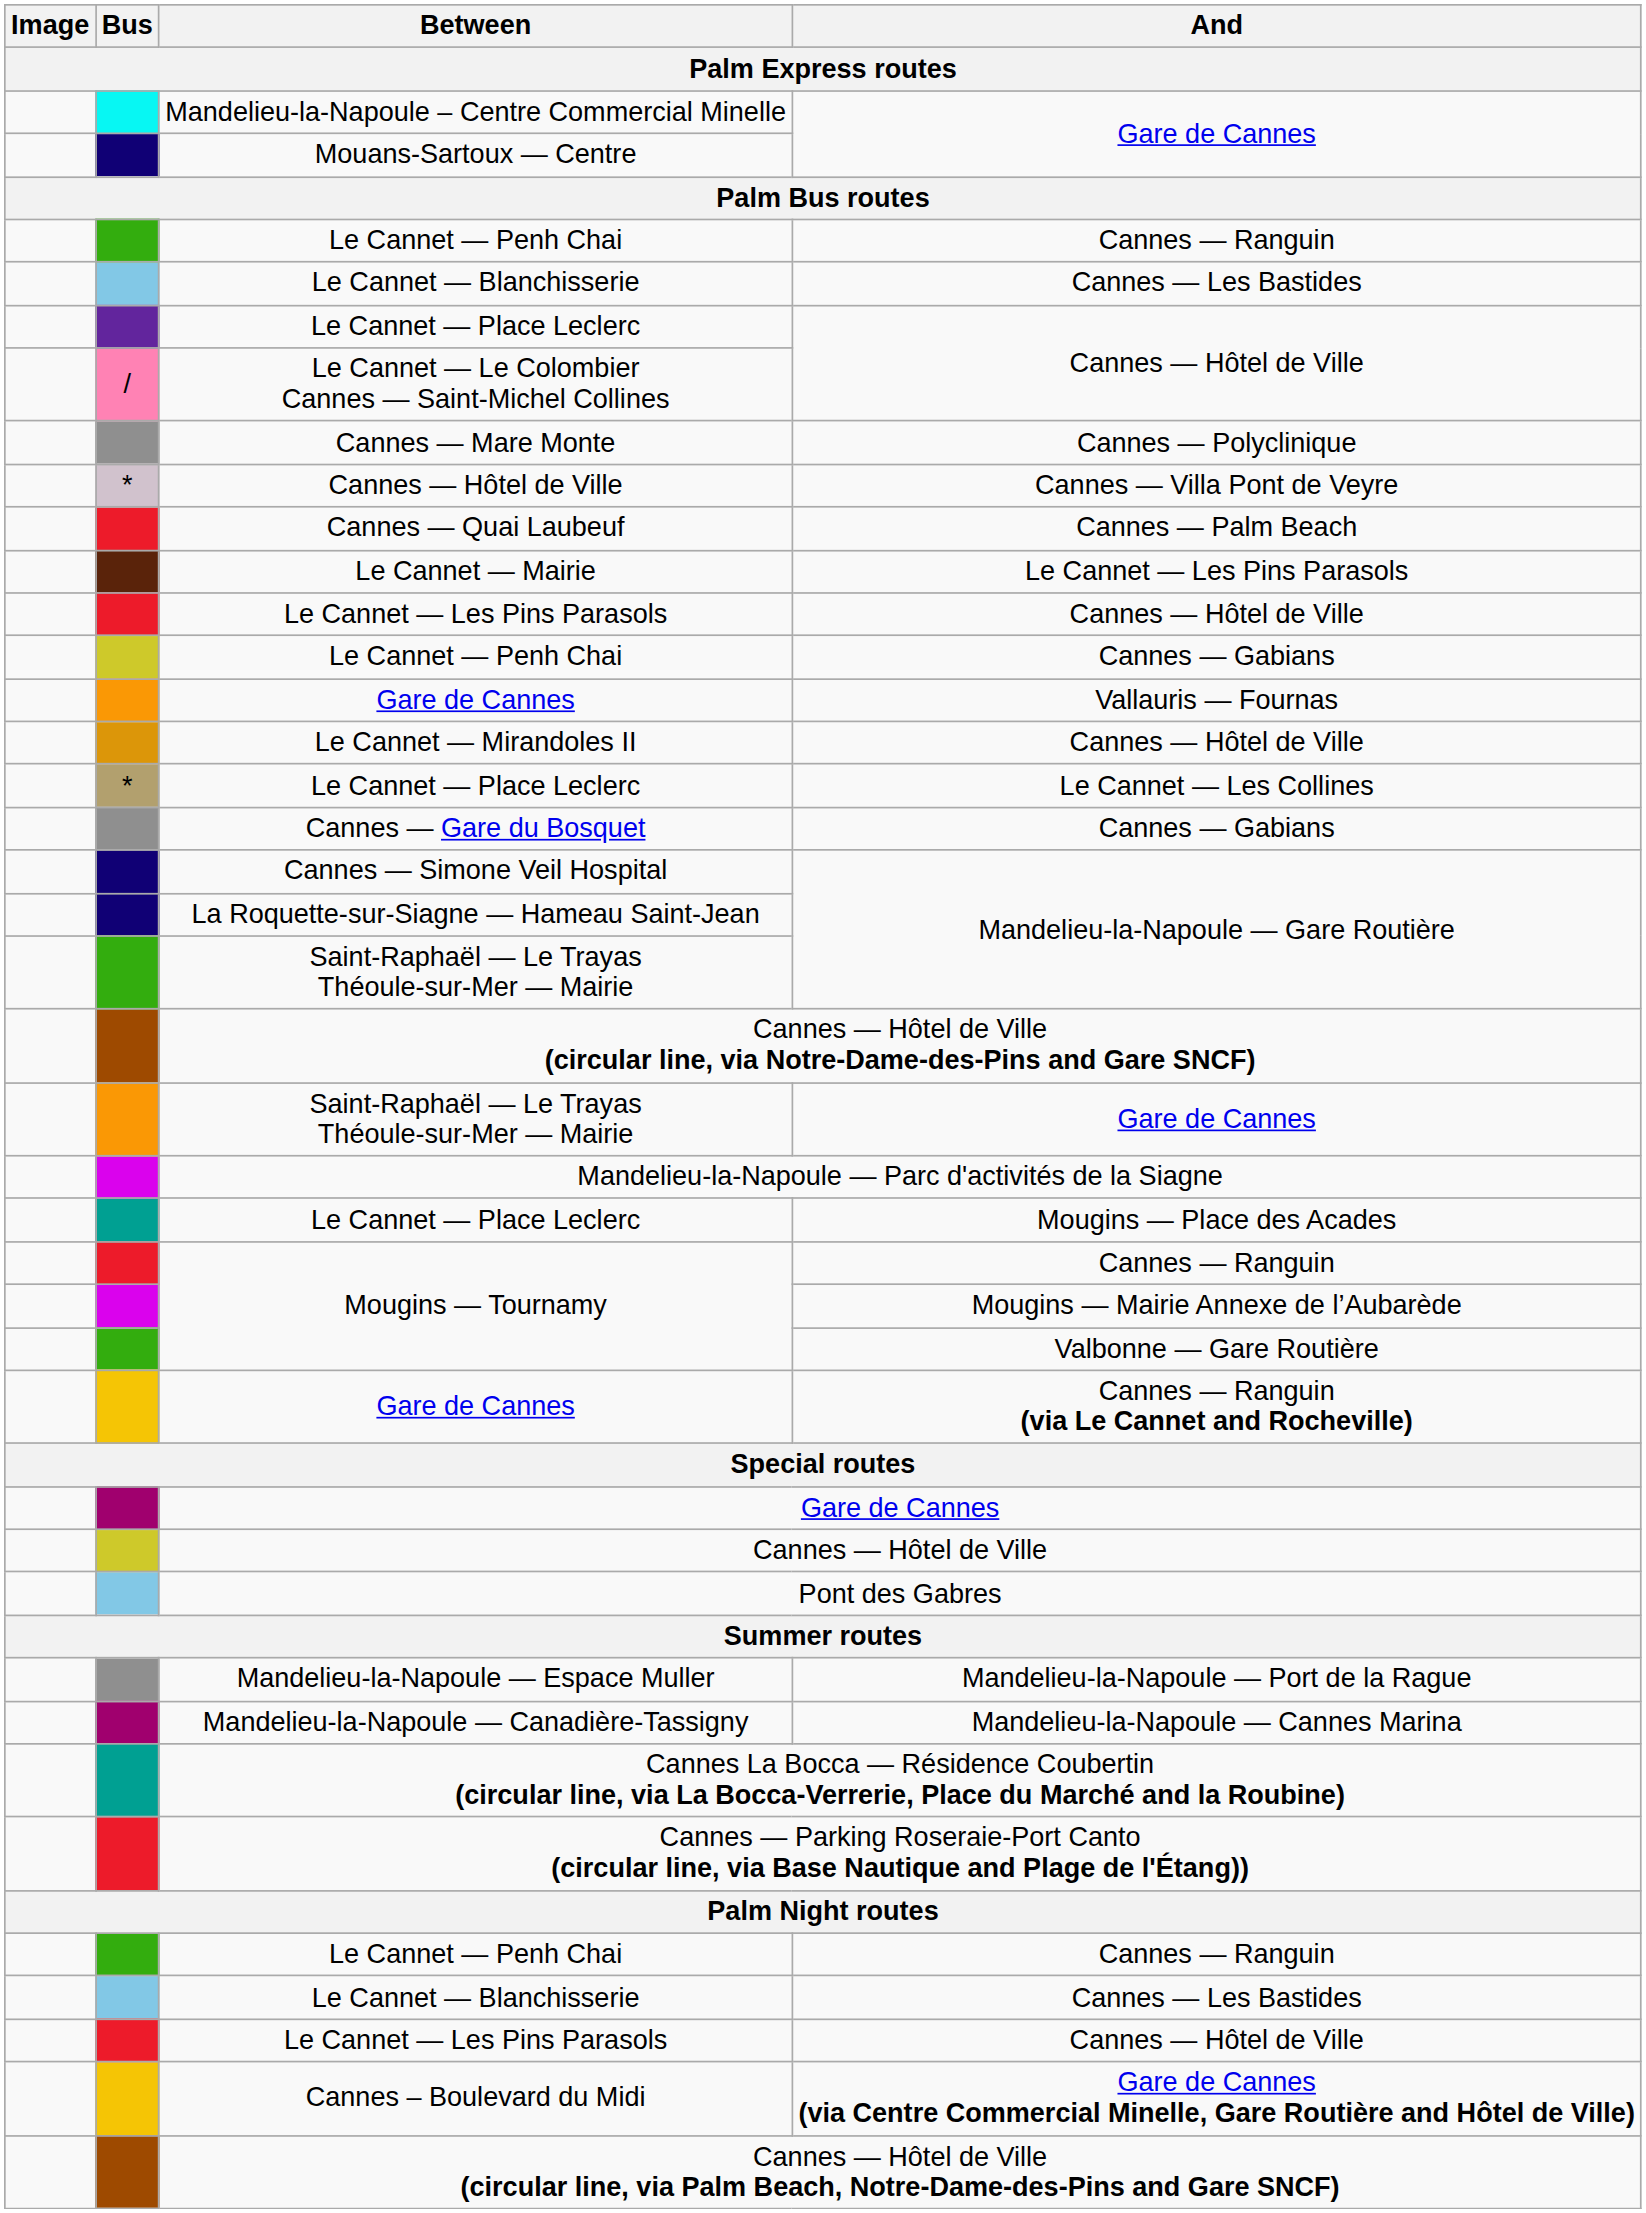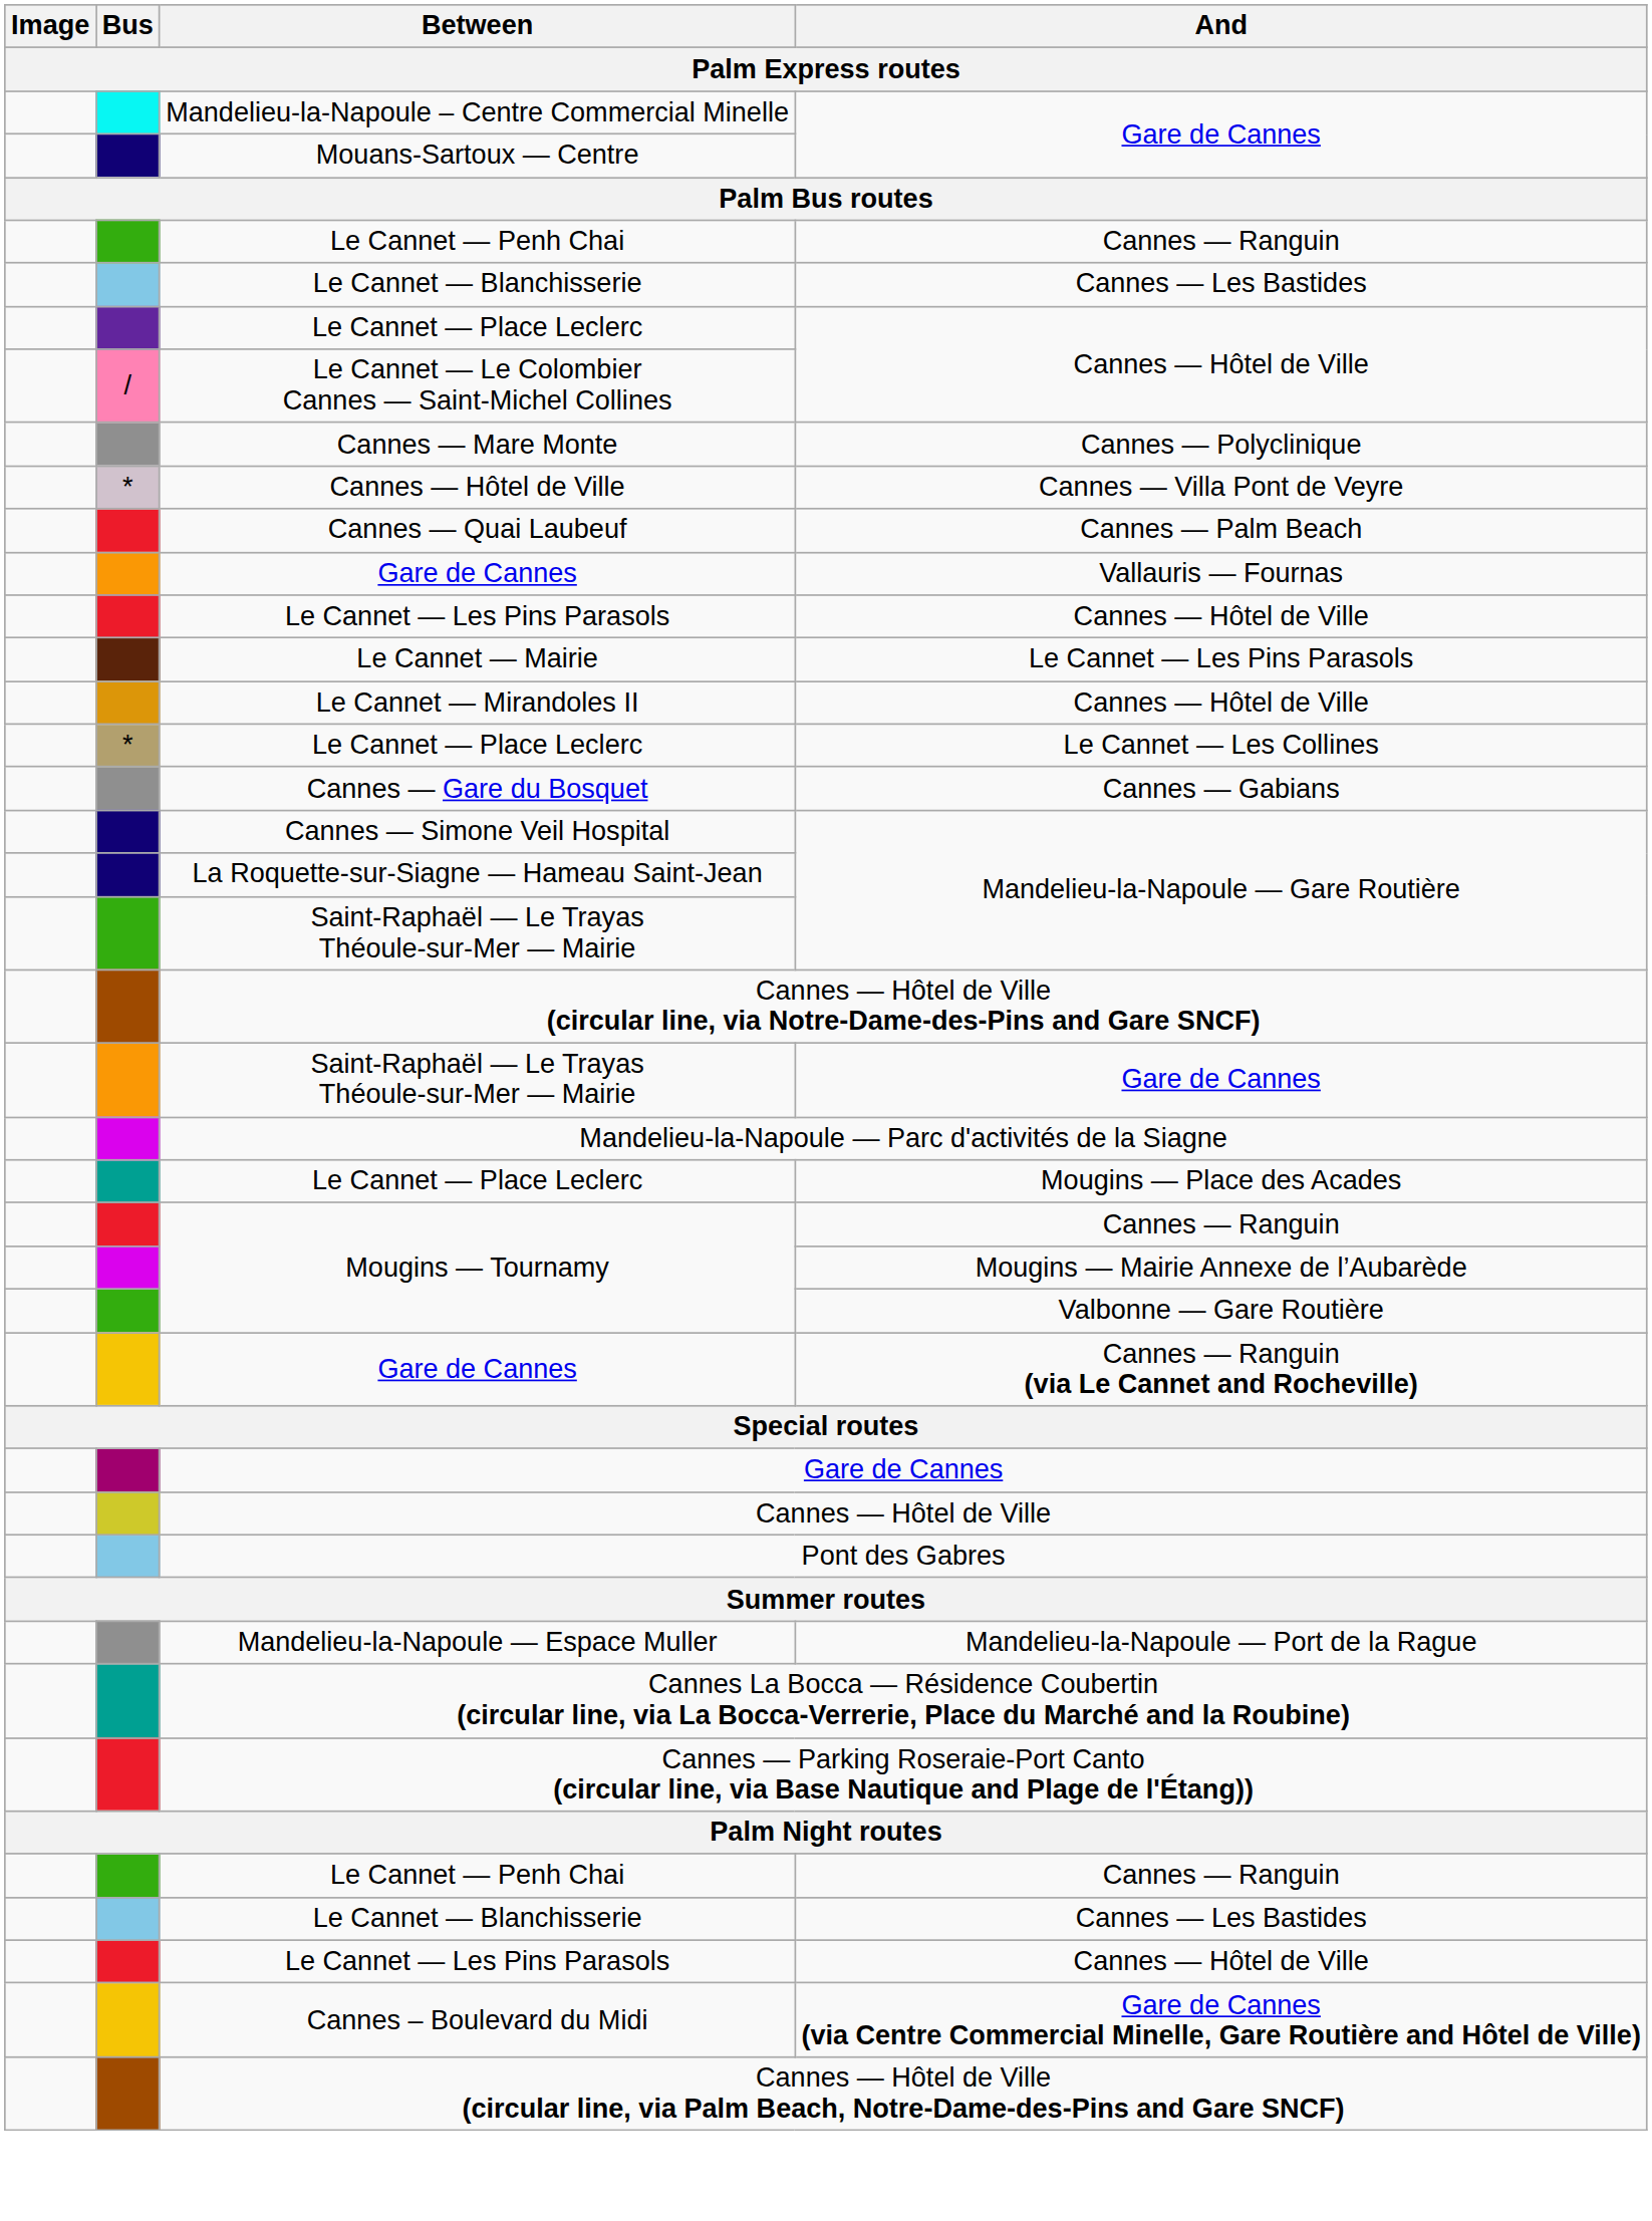 <table class="wikitable alternance centre" style="text-align:center;">
 <tr>
 <th>Image</th>
 <th>Bus</th>
 <th>Between</th>
 <th>And</th>
 </tr>
 <tr>
 <th colspan="4">Palm Express routes</th>
 </tr>
 <tr>
 <td></td>
 <td style="background:#07f7f3;"></td>
 <td>Mandelieu-la-Napoule – Centre Commercial Minelle</td>
 <td rowspan="2"><a href='#'>Gare de Cannes</a></td>
 </tr>
 <tr>
 <td></td>
 <td style="background:#100075;"></td>
 <td>Mouans-Sartoux — Centre</td>
 </tr>
 <tr>
 <th colspan="4">Palm Bus routes</th>
 </tr>
 <tr>
 <td></td>
 <td style="background:#33ad0e;"></td>
 <td>Le Cannet — Penh Chai</td>
 <td>Cannes — Ranguin</td>
 </tr>
 <tr>
 <td></td>
 <td style="background:#82c8e6;"></td>
 <td>Le Cannet — Blanchisserie</td>
 <td>Cannes — Les Bastides</td>
 </tr>
 <tr>
 <td></td>
 <td style="background:#62259d;"></td>
 <td>Le Cannet — Place Leclerc</td>
 <td rowspan="2">Cannes — Hôtel de Ville</td>
 </tr>
 <tr>
 <td><br></td>
 <td style="background:#ff82b4;">/</td>
 <td>Le Cannet —  Le Colombier<br>Cannes — Saint-Michel Collines</td>
 </tr>
 <tr>
 <td></td>
 <td style="background:#8f8f8f;"></td>
 <td>Cannes — Mare Monte</td>
 <td>Cannes — Polyclinique</td>
 </tr>
 <tr>
 <td></td>
 <td style="background:#d1c2cd;">*</td>
 <td>Cannes — Hôtel de Ville</td>
 <td>Cannes — Villa Pont de Veyre</td>
 </tr>
 <tr>
 <td></td>
 <td style="background:#ed1b2a;"></td>
 <td>Cannes — Quai Laubeuf</td>
 <td>Cannes — Palm Beach</td>
 </tr>
 <tr>
 <td></td>
-<td style="background:#5a230a;"></td>
-<td>Le Cannet — Mairie</td>
-<td>Le Cannet — Les Pins Parasols</td>
+<td style="background:#fa9805;"></td>
+<td><a href='#'>Gare de Cannes</a></td>
+<td>Vallauris — Fournas</td>
 </tr>
 <tr>
 <td></td>
 <td style="background:#ed1b2a;"></td>
 <td>Le Cannet — Les Pins Parasols</td>
 <td>Cannes — Hôtel de Ville</td>
 </tr>
 <tr>
 <td></td>
-<td style="background:#cec92a"></td>
-<td>Le Cannet — Penh Chai</td>
-<td>Cannes — Gabians</td>
-</tr>
-<tr>
-<td></td>
-<td style="background:#fa9805;"></td>
-<td><a href='#'>Gare de Cannes</a></td>
-<td>Vallauris — Fournas</td>
+<td style="background:#5a230a;"></td>
+<td>Le Cannet — Mairie</td>
+<td>Le Cannet — Les Pins Parasols</td>
 </tr>
 <tr>
 <td></td>
 <td style="background:#dc9609;"></td>
 <td>Le Cannet — Mirandoles II</td>
 <td>Cannes  — Hôtel de Ville</td>
 </tr>
 <tr>
 <td></td>
 <td style="background:#b2a06e;">*</td>
 <td>Le Cannet — Place Leclerc</td>
 <td>Le Cannet — Les Collines</td>
 </tr>
 <tr>
 <td></td>
 <td style="background:#8f8f8f;"></td>
 <td>Cannes — <a href='#'>Gare du Bosquet</a></td>
 <td>Cannes — Gabians</td>
 </tr>
 <tr>
 <td></td>
 <td style="background:#100075;"></td>
 <td>Cannes — Simone Veil Hospital</td>
 <td rowspan="3">Mandelieu-la-Napoule — Gare Routière</td>
 </tr>
 <tr>
 <td></td>
 <td style="background:#100075;"></td>
 <td>La Roquette-sur-Siagne — Hameau Saint-Jean</td>
 </tr>
 <tr>
 <td></td>
 <td style="background:#33ad0e;"></td>
 <td>Saint-Raphaël — Le Trayas<br>Théoule-sur-Mer — Mairie</td>
 </tr>
 <tr>
 <td></td>
 <td style="background:#9e4a00"></td>
 <td colspan="2">Cannes — Hôtel de Ville<br><strong>(circular line, via Notre-Dame-des-Pins and Gare SNCF)</strong></td>
 </tr>
 <tr>
 <td></td>
 <td style="background:#fa9805;"></td>
 <td>Saint-Raphaël — Le Trayas<br>Théoule-sur-Mer — Mairie</td>
 <td><a href='#'>Gare de Cannes</a></td>
 </tr>
 <tr>
 <td></td>
 <td style="background:#da02ed;"></td>
 <td colspan="2">Mandelieu-la-Napoule — Parc d'activités de la Siagne</td>
 </tr>
 <tr>
 <td></td>
 <td style="background:#00a092;"></td>
 <td>Le Cannet — Place Leclerc</td>
 <td>Mougins — Place des Acades</td>
 </tr>
 <tr>
 <td></td>
 <td style="background:#ed1b2a;"></td>
 <td rowspan="3">Mougins — Tournamy</td>
 <td>Cannes — Ranguin</td>
 </tr>
 <tr>
 <td></td>
 <td style="background:#da02ed;"></td>
 <td>Mougins — Mairie Annexe de l’Aubarède</td>
 </tr>
 <tr>
 <td></td>
 <td style="background:#33ad0e;"></td>
 <td>Valbonne — Gare Routière</td>
 </tr>
 <tr>
 <td></td>
 <td style="background:#f5c505; color: black;"></td>
 <td><a href='#'>Gare de Cannes</a></td>
 <td>Cannes — Ranguin<br><strong>(via Le Cannet and Rocheville)</strong></td>
 </tr>
 <tr>
 <th colspan="4">Special routes</th>
 </tr>
 <tr>
 <td></td>
 <td style="background:#a0006e;"></td>
 <td colspan="2"><a href='#'>Gare de Cannes</a></td>
 </tr>
 <tr>
 <td></td>
 <td style="background:#cec92a"></td>
 <td colspan="2">Cannes — Hôtel de Ville</td>
 </tr>
 <tr>
 <td></td>
 <td style="background:#82c8e6;"></td>
 <td colspan="2">Pont des Gabres</td>
 </tr>
 <tr>
 <th colspan="4">Summer routes</th>
 </tr>
 <tr>
 <td></td>
 <td style="background:#8f8f8f;"></td>
 <td>Mandelieu-la-Napoule — Espace Muller</td>
 <td>Mandelieu-la-Napoule — Port de la Rague</td>
 </tr>
 <tr>
 <td></td>
-<td style="background:#a0006e;"></td>
-<td>Mandelieu-la-Napoule — Canadière-Tassigny</td>
-<td>Mandelieu-la-Napoule — Cannes Marina</td>
-</tr>
-<tr>
-<td></td>
 <td style="background:#00a092;"></td>
 <td colspan="2">Cannes La Bocca — Résidence Coubertin<br><strong>(circular line, via La Bocca-Verrerie, Place du Marché and la Roubine)</strong></td>
 </tr>
 <tr>
 <td></td>
 <td style="background:#ed1b2a;"></td>
 <td colspan="2">Cannes — Parking Roseraie-Port Canto<br><strong>(circular line, via Base Nautique and Plage de l'Étang))</strong></td>
 </tr>
 <tr>
 <th colspan="4">Palm Night routes</th>
 </tr>
 <tr>
 <td></td>
 <td style="background:#33ad0e;"></td>
 <td>Le Cannet — Penh Chai</td>
 <td>Cannes — Ranguin</td>
 </tr>
 <tr>
 <td></td>
 <td style="background:#82c8e6;"></td>
 <td>Le Cannet — Blanchisserie</td>
 <td>Cannes — Les Bastides</td>
 </tr>
 <tr>
 <td></td>
 <td style="background:#ed1b2a;"></td>
 <td>Le Cannet — Les Pins Parasols</td>
 <td>Cannes — Hôtel de Ville</td>
 </tr>
 <tr>
 <td></td>
 <td style="background: #f5c505; color: black;"></td>
 <td>Cannes – Boulevard du Midi</td>
 <td><a href='#'>Gare de Cannes</a><br><strong>(via Centre Commercial Minelle, Gare Routière and Hôtel de Ville)</strong></td>
 </tr>
 <tr>
 <td></td>
 <td style="background:#9e4a00;"></td>
 <td colspan="2">Cannes — Hôtel de Ville<br><strong>(circular line, via Palm Beach, Notre-Dame-des-Pins and Gare SNCF)</strong></td>
 </tr>
 </table>
